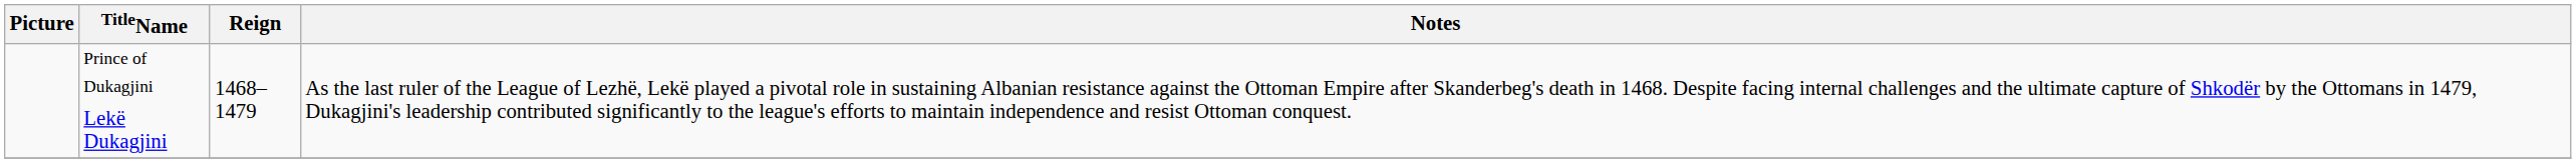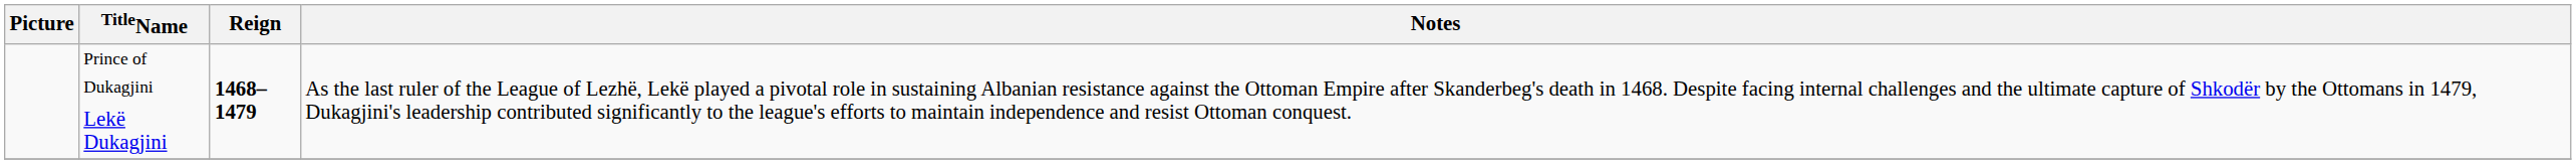 <table class="wikitable">
 <tr ->
 <th>Picture</th>
 <th><sup>Title</sup>Name</th>
 <th>Reign</th>
 <th>Notes</th>
 </tr>
 <tr ->
 <td></td>
 <td><sup>Prince of Dukagjini</sup><br><a href='#'>Lekë Dukagjini</a></td>
-<td>1468–1479</td>
+<td><strong>1468–1479</strong></td>
 <td>As the last ruler of the League of Lezhë, Lekë played a pivotal role in sustaining Albanian resistance against the Ottoman Empire after Skanderbeg's death in 1468. Despite facing internal challenges and the ultimate capture of <a href='#'>Shkodër</a> by the Ottomans in 1479, Dukagjini's leadership contributed significantly to the league's efforts to maintain independence and resist Ottoman conquest.</td>
 </tr>
 <tr ->
 </tr>
 </table>
